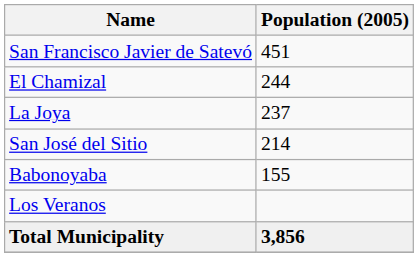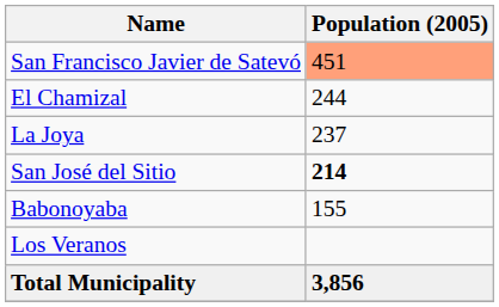 <table class="wikitable">
 <tr>
 <th>Name</th>
 <th>Population (2005)</th>
 </tr>
 <tr>
 <td><a href='#'>San Francisco Javier de Satevó</a></td>
-<td>451</td>
+<td style="background: lightsalmon;">451</td>
 </tr>
 <tr>
 <td><a href='#'>El Chamizal</a></td>
 <td>244</td>
 </tr>
 <tr>
 <td><a href='#'>La Joya</a></td>
 <td>237</td>
 </tr>
 <tr>
 <td><a href='#'>San José del Sitio</a></td>
-<td>214</td>
+<td><strong>214</strong></td>
 </tr>
 <tr>
 <td><a href='#'>Babonoyaba</a></td>
 <td>155</td>
 </tr>
 <tr>
 <td><a href='#'>Los Veranos</a></td>
 </tr>
 <tr style="background:#f0f0f0">
 <td><strong>Total Municipality</strong></td>
 <td><strong>3,856</strong></td>
 </tr>
 <tr>
 </tr>
 </table>
